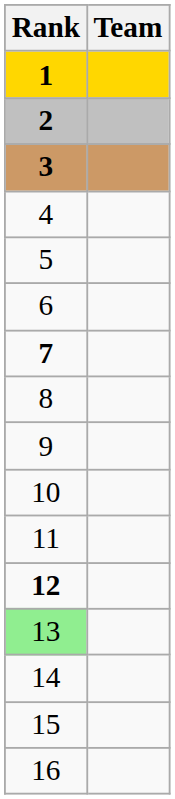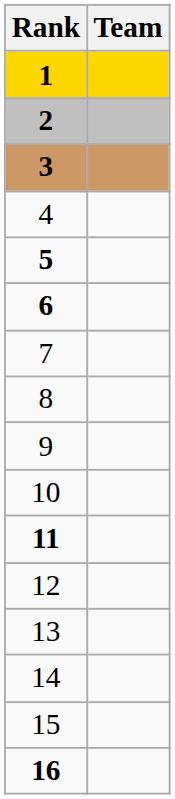 <table class="wikitable" style="text-align:center">
 <tr>
 <th>Rank</th>
 <th>Team</th>
 </tr>
 <tr style="background:gold;">
 <td><strong>1</strong></td>
 <td align="left"><strong></strong></td>
 </tr>
 <tr style="background:silver;">
 <td><strong>2</strong></td>
 <td align="left"><strong></strong></td>
 </tr>
 <tr style="background:#c96;">
 <td><strong>3</strong></td>
 <td align="left"><strong></strong></td>
 </tr>
 <tr>
 <td>4</td>
 <td align="left"></td>
 </tr>
 <tr>
-<td>5</td>
+<td><strong>5</strong></td>
 <td align="left"></td>
 </tr>
 <tr>
-<td>6</td>
+<td><strong>6</strong></td>
 <td align="left"></td>
 </tr>
 <tr>
-<td><strong>7</strong></td>
+<td>7</td>
 <td align="left"></td>
 </tr>
 <tr>
 <td>8</td>
 <td align="left"></td>
 </tr>
 <tr>
 <td>9</td>
 <td align="left"></td>
 </tr>
 <tr>
 <td>10</td>
 <td align="left"></td>
 </tr>
 <tr>
-<td>11</td>
+<td><strong>11</strong></td>
 <td align="left"></td>
 </tr>
 <tr>
-<td><strong>12</strong></td>
+<td>12</td>
 <td align="left"></td>
 </tr>
 <tr>
-<td style="background: lightgreen;">13</td>
+<td>13</td>
 <td align="left"></td>
 </tr>
 <tr>
 <td>14</td>
 <td align="left"></td>
 </tr>
 <tr>
 <td>15</td>
 <td align="left"></td>
 </tr>
 <tr>
-<td>16</td>
+<td><strong>16</strong></td>
 <td align="left"></td>
 </tr>
 </table>
